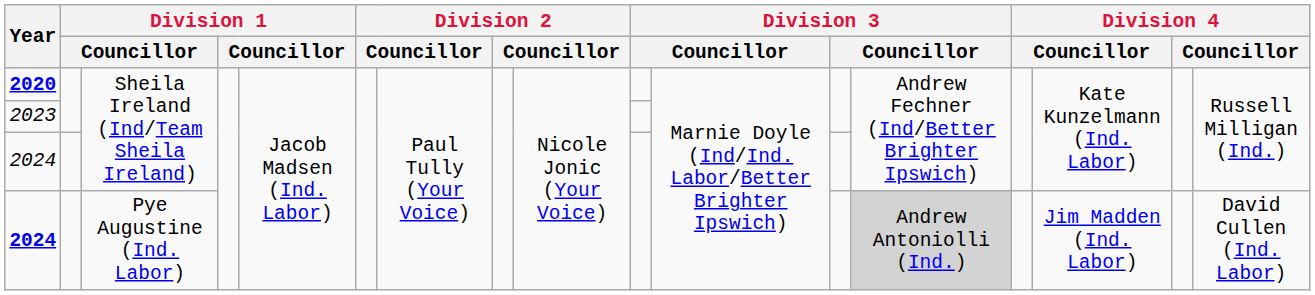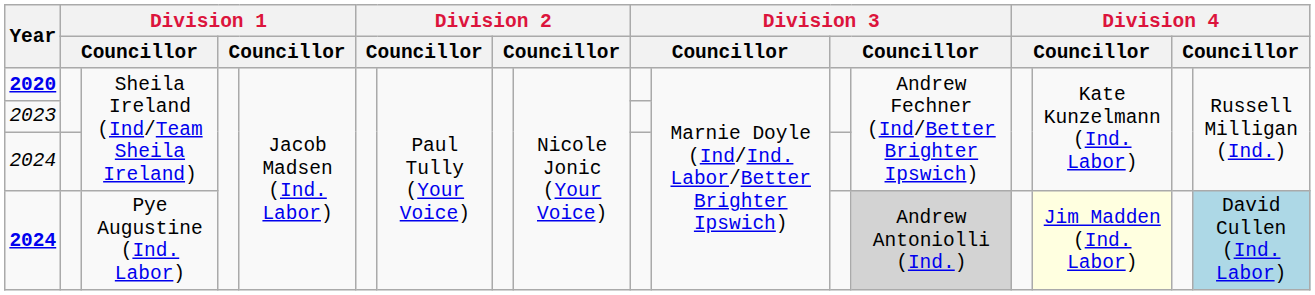 <table class="wikitable">
 <tr>
 <th rowspan="2">Year</th>
 <th style="color:crimson"; colspan="4">Division 1</th>
 <th style="color:crimson"; colspan="4">Division 2</th>
 <th style="color:crimson"; colspan="4">Division 3</th>
 <th style="color:crimson"; colspan="4">Division 4</th>
 </tr>
 <tr>
 <th colspan="2">Councillor</th>
 <th colspan="2">Councillor</th>
 <th colspan="2">Councillor</th>
 <th colspan="2">Councillor</th>
 <th colspan="2">Councillor</th>
 <th colspan="2">Councillor</th>
 <th colspan="2">Councillor</th>
 <th colspan="2">Councillor</th>
 </tr>
 <tr>
 <td><strong><a href='#'>2020</a></strong></td>
 <td rowspan="2" width="1px" > </td>
 <td rowspan="3"; align="center">Sheila Ireland (<a href='#'>Ind</a>/<a href='#'>Team Sheila Ireland</a>)</td>
 <td rowspan="4" width="1px" > </td>
 <td rowspan="4"; align="center">Jacob Madsen (<a href='#'>Ind. Labor</a>)</td>
 <td rowspan="4" width="1px" > </td>
 <td rowspan="4"; align="center">Paul Tully (<a href='#'>Your Voice</a>)</td>
 <td rowspan="4" width="1px" > </td>
 <td rowspan="4"; align="center">Nicole Jonic (<a href='#'>Your Voice</a>)</td>
 <td rowspan="1" width="1px" > </td>
 <td rowspan="4"; align="center">Marnie Doyle (<a href='#'>Ind</a>/<a href='#'>Ind. Labor</a>/<a href='#'>Better Brighter Ipswich</a>)</td>
 <td rowspan="2" width="1px" > </td>
 <td rowspan="3"; align="center">Andrew Fechner (<a href='#'>Ind</a>/<a href='#'>Better Brighter Ipswich</a>)</td>
 <td rowspan="3" width="1px" > </td>
 <td rowspan="3"; align="center">Kate Kunzelmann (<a href='#'>Ind. Labor</a>)</td>
 <td rowspan="3" width="1px" > </td>
 <td rowspan="3"; align="center">Russell Milligan (<a href='#'>Ind.</a>)</td>
 </tr>
 <tr>
 <td><em>2023</em></td>
 <td rowspan="1" width="1px" > </td>
 </tr>
 <tr>
 <td><em>2024</em></td>
 <td rowspan="1" width="1px" > </td>
 <td rowspan="2" width="1px" > </td>
 <td rowspan="1" width="1px" > </td>
 </tr>
 <tr>
 <td><strong><a href='#'>2024</a></strong></td>
 <td rowspan="1" width="1px" > </td>
 <td rowspan="1"; align="center">Pye Augustine (<a href='#'>Ind. Labor</a>)</td>
 <td rowspan="1" width="1px" > </td>
 <td rowspan="1"; align="center" style="background: lightgrey;">Andrew Antoniolli (<a href='#'>Ind.</a>)</td>
 <td rowspan="1" width="1px" > </td>
-<td rowspan="1"; align="center"><a href='#'>Jim Madden</a> (<a href='#'>Ind. Labor</a>)</td>
+<td rowspan="1"; align="center" style="background: lightyellow;"><a href='#'>Jim Madden</a> (<a href='#'>Ind. Labor</a>)</td>
 <td rowspan="1" width="1px" > </td>
-<td rowspan="1"; align="center">David Cullen (<a href='#'>Ind. Labor</a>)</td>
+<td rowspan="1"; align="center" style="background: lightblue;">David Cullen (<a href='#'>Ind. Labor</a>)</td>
 </tr>
 </table>
